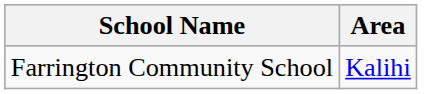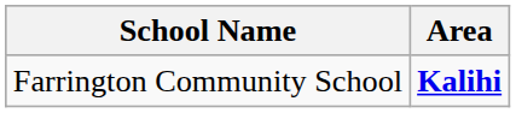 <table class="wikitable">
 <tr>
 <th>School Name</th>
 <th>Area</th>
 </tr>
 <tr>
 <td>Farrington Community School</td>
-<td><a href='#'>Kalihi</a></td>
+<td><strong><a href='#'>Kalihi</a></strong></td>
 </tr>
 </table>
